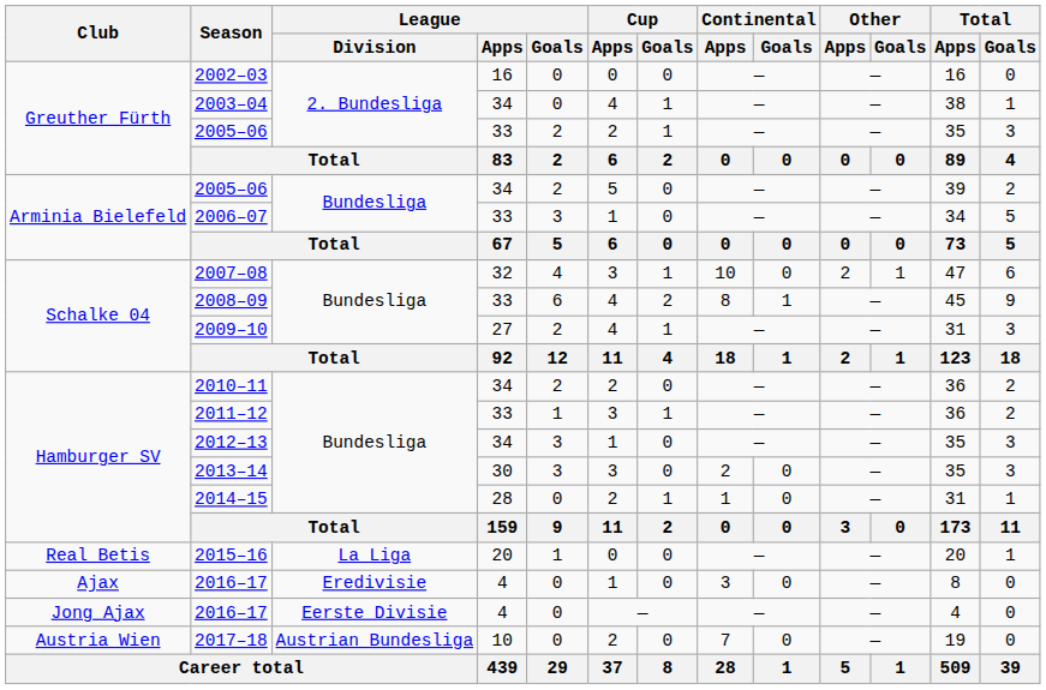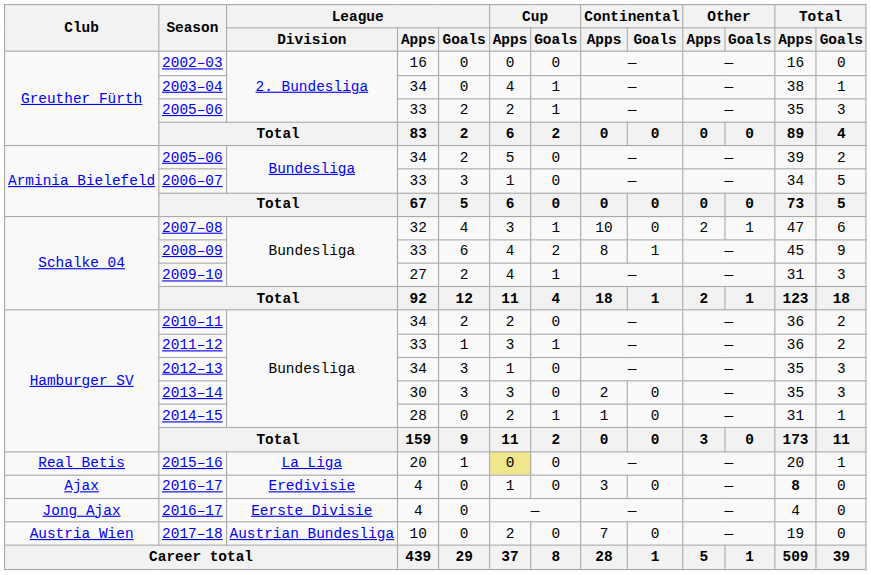 <table class="wikitable" style="text-align:center">
 <tr>
 <th rowspan="2">Club</th>
 <th rowspan="2">Season</th>
 <th colspan="3">League</th>
 <th colspan="2">Cup</th>
 <th colspan="2">Continental</th>
 <th colspan="2">Other</th>
 <th colspan="2">Total</th>
 </tr>
 <tr>
 <th>Division</th>
 <th>Apps</th>
 <th>Goals</th>
 <th>Apps</th>
 <th>Goals</th>
 <th>Apps</th>
 <th>Goals</th>
 <th>Apps</th>
 <th>Goals</th>
 <th>Apps</th>
 <th>Goals</th>
 </tr>
 <tr>
 <td rowspan="4"><a href='#'>Greuther Fürth</a></td>
 <td><a href='#'>2002–03</a></td>
 <td rowspan="3"><a href='#'>2. Bundesliga</a></td>
 <td>16</td>
 <td>0</td>
 <td>0</td>
 <td>0</td>
 <td colspan="2">—</td>
 <td colspan="2">—</td>
 <td>16</td>
 <td>0</td>
 </tr>
 <tr>
 <td><a href='#'>2003–04</a></td>
 <td>34</td>
 <td>0</td>
 <td>4</td>
 <td>1</td>
 <td colspan="2">—</td>
 <td colspan="2">—</td>
 <td>38</td>
 <td>1</td>
 </tr>
 <tr>
 <td><a href='#'>2005–06</a></td>
 <td>33</td>
 <td>2</td>
 <td>2</td>
 <td>1</td>
 <td colspan="2">—</td>
 <td colspan="2">—</td>
 <td>35</td>
 <td>3</td>
 </tr>
 <tr>
 <th colspan="2">Total</th>
 <th>83</th>
 <th>2</th>
 <th>6</th>
 <th>2</th>
 <th>0</th>
 <th>0</th>
 <th>0</th>
 <th>0</th>
 <th>89</th>
 <th>4</th>
 </tr>
 <tr>
 <td rowspan="3"><a href='#'>Arminia Bielefeld</a></td>
 <td><a href='#'>2005–06</a></td>
 <td rowspan="2"><a href='#'>Bundesliga</a></td>
 <td>34</td>
 <td>2</td>
 <td>5</td>
 <td>0</td>
 <td colspan="2">—</td>
 <td colspan="2">—</td>
 <td>39</td>
 <td>2</td>
 </tr>
 <tr>
 <td><a href='#'>2006–07</a></td>
 <td>33</td>
 <td>3</td>
 <td>1</td>
 <td>0</td>
 <td colspan="2">—</td>
 <td colspan="2">—</td>
 <td>34</td>
 <td>5</td>
 </tr>
 <tr>
 <th colspan="2">Total</th>
 <th>67</th>
 <th>5</th>
 <th>6</th>
 <th>0</th>
 <th>0</th>
 <th>0</th>
 <th>0</th>
 <th>0</th>
 <th>73</th>
 <th>5</th>
 </tr>
 <tr>
 <td rowspan="4"><a href='#'>Schalke 04</a></td>
 <td><a href='#'>2007–08</a></td>
 <td rowspan="3">Bundesliga</td>
 <td>32</td>
 <td>4</td>
 <td>3</td>
 <td>1</td>
 <td>10</td>
 <td>0</td>
 <td>2</td>
 <td>1</td>
 <td>47</td>
 <td>6</td>
 </tr>
 <tr>
 <td><a href='#'>2008–09</a></td>
 <td>33</td>
 <td>6</td>
 <td>4</td>
 <td>2</td>
 <td>8</td>
 <td>1</td>
 <td colspan="2">—</td>
 <td>45</td>
 <td>9</td>
 </tr>
 <tr>
 <td><a href='#'>2009–10</a></td>
 <td>27</td>
 <td>2</td>
 <td>4</td>
 <td>1</td>
 <td colspan="2">—</td>
 <td colspan="2">—</td>
 <td>31</td>
 <td>3</td>
 </tr>
 <tr>
 <th colspan="2">Total</th>
 <th>92</th>
 <th>12</th>
 <th>11</th>
 <th>4</th>
 <th>18</th>
 <th>1</th>
 <th>2</th>
 <th>1</th>
 <th>123</th>
 <th>18</th>
 </tr>
 <tr>
 <td rowspan="6"><a href='#'>Hamburger SV</a></td>
 <td><a href='#'>2010–11</a></td>
 <td rowspan="5">Bundesliga</td>
 <td>34</td>
 <td>2</td>
 <td>2</td>
 <td>0</td>
 <td colspan="2">—</td>
 <td colspan="2">—</td>
 <td>36</td>
 <td>2</td>
 </tr>
 <tr>
 <td><a href='#'>2011–12</a></td>
 <td>33</td>
 <td>1</td>
 <td>3</td>
 <td>1</td>
 <td colspan="2">—</td>
 <td colspan="2">—</td>
 <td>36</td>
 <td>2</td>
 </tr>
 <tr>
 <td><a href='#'>2012–13</a></td>
 <td>34</td>
 <td>3</td>
 <td>1</td>
 <td>0</td>
 <td colspan="2">—</td>
 <td colspan="2">—</td>
 <td>35</td>
 <td>3</td>
 </tr>
 <tr>
 <td><a href='#'>2013–14</a></td>
 <td>30</td>
 <td>3</td>
 <td>3</td>
 <td>0</td>
 <td>2</td>
 <td>0</td>
 <td colspan="2">—</td>
 <td>35</td>
 <td>3</td>
 </tr>
 <tr>
 <td><a href='#'>2014–15</a></td>
 <td>28</td>
 <td>0</td>
 <td>2</td>
 <td>1</td>
 <td>1</td>
 <td>0</td>
 <td colspan="2">—</td>
 <td>31</td>
 <td>1</td>
 </tr>
 <tr>
 <th colspan="2">Total</th>
 <th>159</th>
 <th>9</th>
 <th>11</th>
 <th>2</th>
 <th>0</th>
 <th>0</th>
 <th>3</th>
 <th>0</th>
 <th>173</th>
 <th>11</th>
 </tr>
 <tr>
 <td><a href='#'>Real Betis</a></td>
 <td><a href='#'>2015–16</a></td>
 <td><a href='#'>La Liga</a></td>
 <td>20</td>
 <td>1</td>
-<td>0</td>
+<td style="background: khaki;">0</td>
 <td>0</td>
 <td colspan="2">—</td>
 <td colspan="2">—</td>
 <td>20</td>
 <td>1</td>
 </tr>
 <tr>
 <td><a href='#'>Ajax</a></td>
 <td><a href='#'>2016–17</a></td>
 <td><a href='#'>Eredivisie</a></td>
 <td>4</td>
 <td>0</td>
 <td>1</td>
 <td>0</td>
 <td>3</td>
 <td>0</td>
 <td colspan="2">—</td>
-<td>8</td>
+<td><strong>8</strong></td>
 <td>0</td>
 </tr>
 <tr>
 <td><a href='#'>Jong Ajax</a></td>
 <td><a href='#'>2016–17</a></td>
 <td><a href='#'>Eerste Divisie</a></td>
 <td>4</td>
 <td>0</td>
 <td colspan="2">—</td>
 <td colspan="2">—</td>
 <td colspan="2">—</td>
 <td>4</td>
 <td>0</td>
 </tr>
 <tr>
 <td><a href='#'>Austria Wien</a></td>
 <td><a href='#'>2017–18</a></td>
 <td><a href='#'>Austrian Bundesliga</a></td>
 <td>10</td>
 <td>0</td>
 <td>2</td>
 <td>0</td>
 <td>7</td>
 <td>0</td>
 <td colspan="2">—</td>
 <td>19</td>
 <td>0</td>
 </tr>
 <tr>
 <th colspan="3">Career total</th>
 <th>439</th>
 <th>29</th>
 <th>37</th>
 <th>8</th>
 <th>28</th>
 <th>1</th>
 <th>5</th>
 <th>1</th>
 <th>509</th>
 <th>39</th>
 </tr>
 </table>
